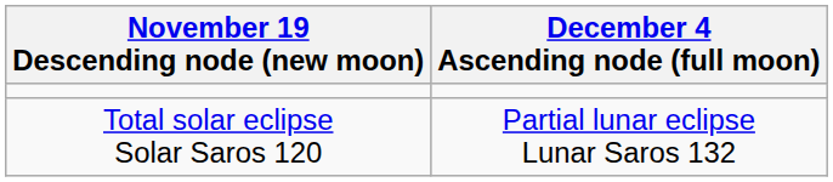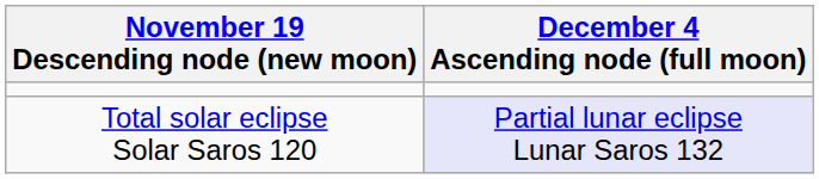 <table class="wikitable">
 <tr>
 <th><a href='#'>November 19</a><br>Descending node (new moon)<br></th>
 <th><a href='#'>December 4</a><br>Ascending node (full moon)<br></th>
 </tr>
 <tr>
 <td></td>
 <td></td>
 </tr>
 <tr align=center>
 <td><a href='#'>Total solar eclipse</a><br>Solar Saros 120</td>
-<td><a href='#'>Partial lunar eclipse</a><br>Lunar Saros 132</td>
+<td style="background: lavender;"><a href='#'>Partial lunar eclipse</a><br>Lunar Saros 132</td>
 </tr>
 </table>
